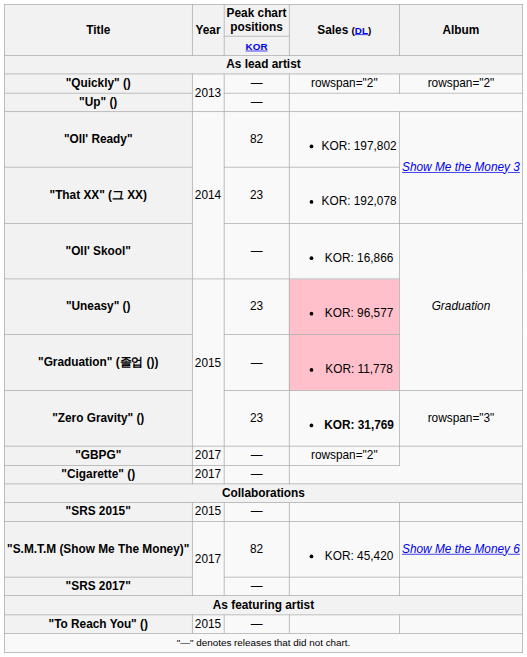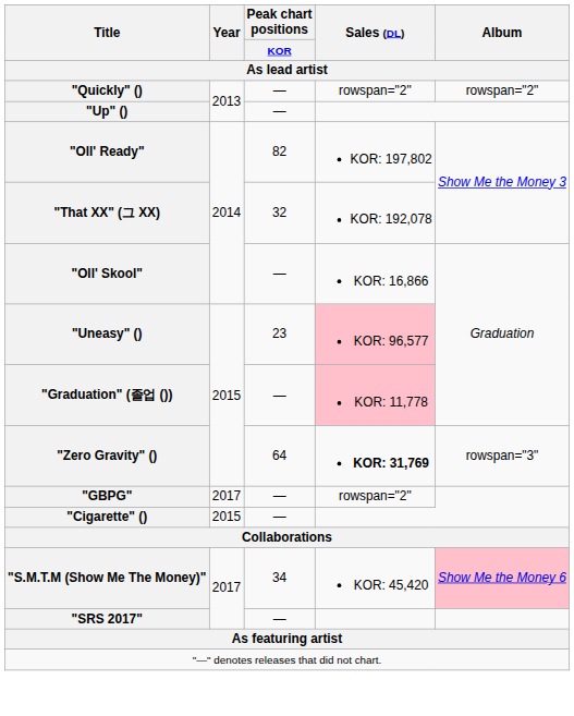 <table class="wikitable plainrowheaders" style="text-align:center;">
 <tr>
 <th scope="col" rowspan="2">Title</th>
 <th scope="col" rowspan="2">Year</th>
 <th scope="col" colspan="1">Peak chart <br> positions</th>
 <th scope="col" rowspan="2">Sales <small>(<a href='#'>DL</a>)</small></th>
 <th scope="col" rowspan="2">Album</th>
 </tr>
 <tr>
 <th><small><a href='#'>KOR</a></small><br></th>
 </tr>
 <tr>
 <th scope="col" colspan="5">As lead artist</th>
 </tr>
 <tr>
 <th scope="row">"Quickly" ()</th>
 <td rowspan="2">2013</td>
 <td>—</td>
 <td>rowspan="2" </td>
 <td>rowspan="2" </td>
 </tr>
 <tr>
 <th scope="row">"Up" ()<br></th>
 <td>—</td>
 </tr>
 <tr>
 <th scope="row">"Oll' Ready"</th>
 <td rowspan="3">2014</td>
 <td>82</td>
 <td><br><ul><li>KOR: 197,802</li></ul></td>
 <td rowspan="2"><em><a href='#'>Show Me the Money 3</a></em></td>
 </tr>
 <tr>
 <th scope="row">"That XX" (그 XX)<br></th>
-<td>23</td>
+<td>32</td>
 <td><br><ul><li>KOR: 192,078</li></ul></td>
 </tr>
 <tr>
 <th scope="row">"Oll' Skool"</th>
 <td>—</td>
 <td><br><ul><li>KOR: 16,866</li></ul></td>
 <td rowspan="3"><em>Graduation</em></td>
 </tr>
 <tr>
 <th scope="row">"Uneasy" ()<br></th>
 <td rowspan="3">2015</td>
 <td>23</td>
 <td style="background: pink;"><br><ul><li>KOR: 96,577</li></ul></td>
 </tr>
 <tr>
 <th scope="row">"Graduation" (졸업 ())</th>
 <td>—</td>
 <td style="background: pink;"><br><ul><li>KOR: 11,778</li></ul></td>
 </tr>
 <tr>
 <th scope="row">"Zero Gravity" ()<br></th>
-<td>23</td>
+<td>64</td>
 <td><strong><br><ul><li>KOR: 31,769</li></ul></strong></td>
 <td>rowspan="3" </td>
 </tr>
 <tr>
 <th scope="row">"GBPG"</th>
 <td>2017</td>
 <td>—</td>
 <td>rowspan="2" </td>
 </tr>
 <tr>
 <th scope="row">"Cigarette" ()<br></th>
-<td>2017</td>
+<td>2015</td>
 <td>—</td>
 </tr>
 <tr>
 <th scope="col" colspan="5">Collaborations</th>
 </tr>
 <tr>
-<th scope="row">"SRS 2015"<br></th>
-<td>2015</td>
-<td>—</td>
-<td></td>
-<td></td>
-</tr>
-<tr>
 <th scope="row">"S.M.T.M (Show Me The Money)"<br></th>
 <td rowspan="2">2017</td>
-<td>82</td>
+<td>34</td>
 <td><br><ul><li>KOR: 45,420</li></ul></td>
-<td><em><a href='#'>Show Me the Money 6</a></em></td>
+<td style="background: pink;"><em><a href='#'>Show Me the Money 6</a></em></td>
 </tr>
 <tr>
 <th scope="row">"SRS 2017"<br></th>
 <td>—</td>
 <td></td>
 <td></td>
 </tr>
 <tr>
 <th scope="col" colspan="5">As featuring artist</th>
 </tr>
 <tr>
-<th scope="row">"To Reach You" ()<br></th>
-<td>2015</td>
-<td>—</td>
-<td></td>
-<td></td>
-</tr>
-<tr>
 <td colspan="5" align="center"><small>"—" denotes releases that did not chart.</small></td>
 </tr>
 </table>
